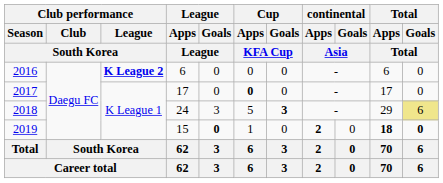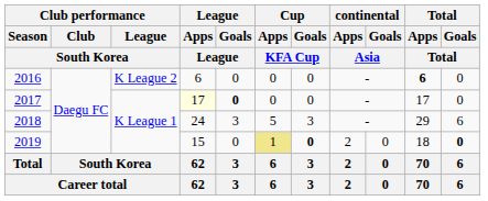 <table class="wikitable" style="text-align:center">
 <tr>
 <th colspan=3>Club performance</th>
 <th colspan=2>League</th>
 <th colspan=2>Cup</th>
 <th colspan=2>continental</th>
 <th colspan=2>Total</th>
 </tr>
 <tr>
 <th>Season</th>
 <th>Club</th>
 <th>League</th>
 <th>Apps</th>
 <th>Goals</th>
 <th>Apps</th>
 <th>Goals</th>
 <th>Apps</th>
 <th>Goals</th>
 <th>Apps</th>
 <th>Goals</th>
 </tr>
 <tr>
 <th colspan=3>South Korea</th>
 <th colspan=2>League</th>
 <th colspan=2><a href='#'>KFA Cup</a></th>
 <th colspan=2><a href='#'>Asia</a></th>
 <th colspan=2>Total</th>
 </tr>
 <tr>
 <td><a href='#'>2016</a></td>
 <td rowspan="4"><a href='#'>Daegu FC</a></td>
-<td><strong><a href='#'>K League 2</a></strong></td>
+<td><a href='#'>K League 2</a></td>
 <td>6</td>
 <td>0</td>
 <td>0</td>
 <td>0</td>
 <td colspan="2">-</td>
-<td>6</td>
+<td><strong>6</strong></td>
 <td>0</td>
 </tr>
 <tr>
 <td><a href='#'>2017</a></td>
 <td rowspan="3"><a href='#'>K League 1</a></td>
-<td>17</td>
+<td style="background: lightyellow;">17</td>
+<td><strong>0</strong></td>
 <td>0</td>
-<td><strong>0</strong></td>
 <td>0</td>
 <td colspan="2">-</td>
 <td>17</td>
 <td>0</td>
 </tr>
 <tr>
 <td><a href='#'>2018</a></td>
 <td>24</td>
 <td>3</td>
 <td>5</td>
-<td><strong>3</strong></td>
+<td>3</td>
 <td colspan="2">-</td>
 <td>29</td>
-<td style="background: khaki;">6</td>
+<td>6</td>
 </tr>
 <tr>
 <td><a href='#'>2019</a></td>
 <td>15</td>
+<td>0</td>
+<td style="background: khaki;">1</td>
 <td><strong>0</strong></td>
-<td>1</td>
+<td>2</td>
 <td>0</td>
-<td><strong>2</strong></td>
-<td>0</td>
-<td><strong>18</strong></td>
+<td>18</td>
 <td><strong>0</strong></td>
 </tr>
 <tr>
 <th>Total</th>
 <th colspan=2>South Korea</th>
 <th>62</th>
 <th>3</th>
 <th>6</th>
 <th>3</th>
 <th>2</th>
 <th>0</th>
 <th>70</th>
 <th>6</th>
 </tr>
 <tr>
 <th colspan=3>Career total</th>
 <th>62</th>
 <th>3</th>
 <th>6</th>
 <th>3</th>
 <th>2</th>
 <th>0</th>
 <th>70</th>
 <th>6</th>
 </tr>
 </table>
